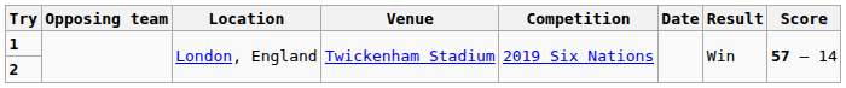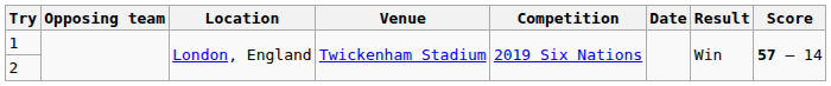 <table class="wikitable" style="font-size:100%">
 <tr>
 <th>Try</th>
 <th>Opposing team</th>
 <th>Location</th>
 <th>Venue</th>
 <th>Competition</th>
 <th>Date</th>
 <th>Result</th>
 <th>Score</th>
 </tr>
 <tr>
-<td><strong>1</strong></td>
+<td>1</td>
 <td rowspan="2"></td>
 <td rowspan="2"><a href='#'>London</a>, England</td>
 <td rowspan="2"><a href='#'>Twickenham Stadium</a></td>
 <td rowspan="2"><a href='#'>2019 Six Nations</a></td>
 <td rowspan="2"></td>
 <td rowspan="2">Win</td>
 <td rowspan="2"><strong>57</strong> – 14</td>
 </tr>
 <tr>
-<td><strong>2</strong></td>
+<td>2</td>
 </tr>
 </table>
